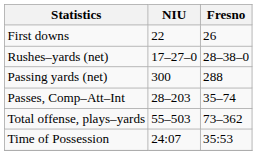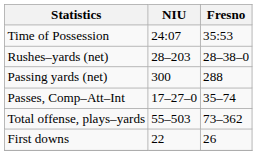 <table class="wikitable">
 <tr>
 <th>Statistics</th>
 <th>NIU</th>
 <th>Fresno</th>
 </tr>
 <tr>
-<td>First downs</td>
-<td>22</td>
-<td>26</td>
+<td>Time of Possession</td>
+<td>24:07</td>
+<td>35:53</td>
 </tr>
 <tr>
 <td>Rushes–yards (net)</td>
-<td>17–27–0</td>
+<td>28–203</td>
 <td>28–38–0</td>
 </tr>
 <tr>
 <td>Passing yards (net)</td>
 <td>300</td>
 <td>288</td>
 </tr>
 <tr>
 <td>Passes, Comp–Att–Int</td>
-<td>28–203</td>
+<td>17–27–0</td>
 <td>35–74</td>
 </tr>
 <tr>
 <td>Total offense, plays–yards</td>
 <td>55–503</td>
 <td>73–362</td>
 </tr>
 <tr>
-<td>Time of Possession</td>
-<td>24:07</td>
-<td>35:53</td>
+<td>First downs</td>
+<td>22</td>
+<td>26</td>
 </tr>
 <tr>
 </tr>
 </table>
